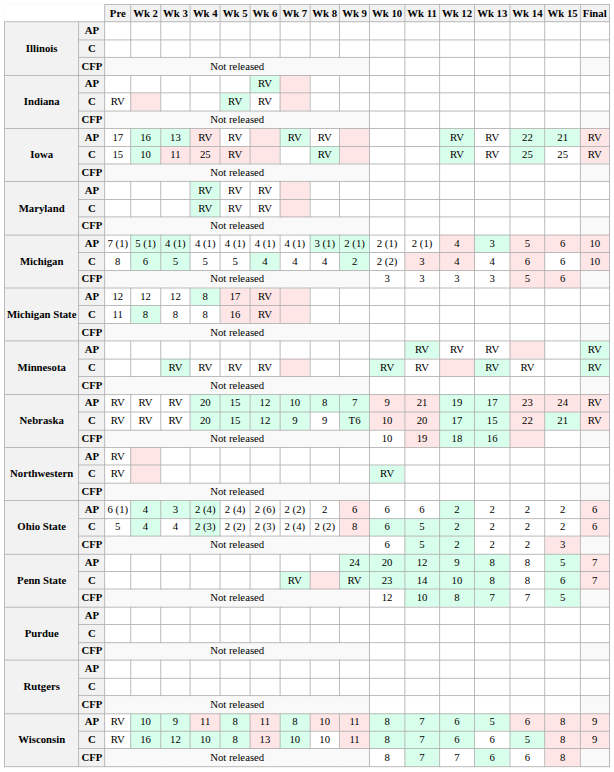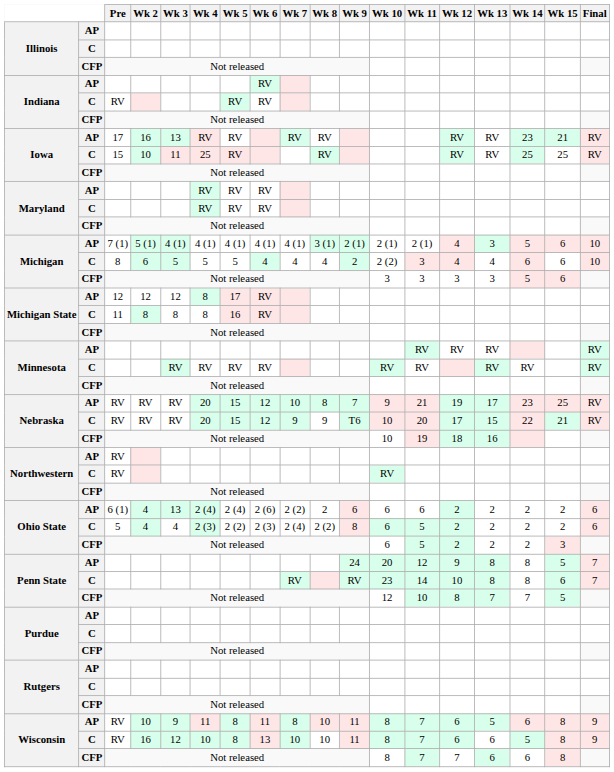 <table class="wikitable" style="white-space:nowrap;font-size:85%;">
 <tr>
 <th colspan=2 style="background:white; border-top-style:hidden; border-left-style:hidden;"> </th>
 <th>Pre</th>
 <th>Wk 2</th>
 <th>Wk 3</th>
 <th>Wk 4</th>
 <th>Wk 5</th>
 <th>Wk 6</th>
 <th>Wk 7</th>
 <th>Wk 8</th>
 <th>Wk 9</th>
 <th>Wk 10</th>
 <th>Wk 11</th>
 <th>Wk 12</th>
 <th>Wk 13</th>
 <th>Wk 14</th>
 <th>Wk 15</th>
 <th>Final</th>
 </tr>
 <tr style="text-align:center;">
 <th rowspan="3" style="background:#">Illinois</th>
 <th>AP</th>
 <td style="background:#FFF;"></td>
 <td style="background:#FFF;"></td>
 <td style="background:#FFF;"></td>
 <td style="background:#FFF;"></td>
 <td style="background:#FFF;"></td>
 <td style="background:#FFF;"></td>
 <td style="background:#FFF;"></td>
 <td style="background:#FFF;"></td>
 <td style="background:#FFF;"></td>
 <td style="background:#FFF;"></td>
 <td style="background:#FFF;"></td>
 <td style="background:#FFF;"></td>
 <td style="background:#FFF;"></td>
 <td style="background:#FFF;"></td>
 <td style="background:#FFF;"></td>
 <td style="background:#FFF;"></td>
 </tr>
 <tr style="text-align:center;">
 <th>C</th>
 <td style="background:#FFF;"></td>
 <td style="background:#FFF;"></td>
 <td style="background:#FFF;"></td>
 <td style="background:#FFF;"></td>
 <td style="background:#FFF;"></td>
 <td style="background:#FFF;"></td>
 <td style="background:#FFF;"></td>
 <td style="background:#FFF;"></td>
 <td style="background:#FFF;"></td>
 <td style="background:#FFF;"></td>
 <td style="background:#FFF;"></td>
 <td style="background:#FFF;"></td>
 <td style="background:#FFF;"></td>
 <td style="background:#FFF;"></td>
 <td style="background:#FFF;"></td>
 <td style="background:#FFF;"></td>
 </tr>
 <tr style="text-align:center;">
 <th>CFP</th>
 <td colspan="9" style="text-align:center;">Not released</td>
 <td style="background:#FFF;"></td>
 <td style="background:#FFF;"></td>
 <td style="background:#FFF;"></td>
 <td style="background:#FFF;"></td>
 <td style="background:#FFF;"></td>
 <td style="background:#FFF;"></td>
 <td style="text-align:center;"></td>
 </tr>
 <tr style="text-align:center;">
 <th rowspan="3" style=>Indiana</th>
 <th>AP</th>
 <td style="background:#FFF;"></td>
 <td style="background:#FFF;"></td>
 <td style="background:#FFF;"></td>
 <td style="background:#FFF;"></td>
 <td style="background:#FFF;"></td>
 <td style="background:#d8ffeb;">RV</td>
 <td style="background:#ffe6e6;"></td>
 <td style="background:#FFF;"></td>
 <td style="background:#FFF;"></td>
 <td style="background:#FFF;"></td>
 <td style="background:#FFF;"></td>
 <td style="background:#FFF;"></td>
 <td style="background:#FFF;"></td>
 <td style="background:#FFF;"></td>
 <td style="background:#FFF;"></td>
 <td style="background:#FFF;"></td>
 </tr>
 <tr style="text-align:center;">
 <th>C</th>
 <td style="background:#FFF;">RV</td>
 <td style="background:#ffe6e6;"></td>
 <td style="background:#FFF;"></td>
 <td style="background:#FFF;"></td>
 <td style="background:#d8ffeb;">RV</td>
 <td style="background:#FFF;">RV</td>
 <td style="background:#ffe6e6;"></td>
 <td style="background:#FFF;"></td>
 <td style="background:#FFF;"></td>
 <td style="background:#FFF;"></td>
 <td style="background:#FFF;"></td>
 <td style="background:#FFF;"></td>
 <td style="background:#FFF;"></td>
 <td style="background:#FFF;"></td>
 <td style="background:#FFF;"></td>
 <td style="background:#FFF;"></td>
 </tr>
 <tr style="text-align:center;">
 <th>CFP</th>
 <td colspan="9" style="text-align:center;">Not released</td>
 <td style="background:#FFF;"></td>
 <td style="background:#FFF;"></td>
 <td style="background:#FFF;"></td>
 <td style="background:#FFF;"></td>
 <td style="background:#FFF;"></td>
 <td style="background:#FFF;"></td>
 <td style="text-align:center;"></td>
 </tr>
 <tr style="text-align:center;">
 <th rowspan="3" style=>Iowa</th>
 <th>AP</th>
 <td style="background:#FFF;">17</td>
 <td style="background:#d8ffeb;">16</td>
 <td style="background:#d8ffeb;">13</td>
 <td style="background:#ffe6e6;">RV</td>
 <td style="background:#FFF;">RV</td>
 <td style="background:#ffe6e6;"></td>
 <td style="background:#d8ffeb;">RV</td>
 <td style="background:#FFF;">RV</td>
 <td style="background:#ffe6e6;"></td>
 <td style="background:#FFF;"></td>
 <td style="background:#FFF;"></td>
 <td style="background:#d8ffeb;">RV</td>
 <td style="background:#FFF;">RV</td>
-<td style="background:#d8ffeb;">22</td>
+<td style="background:#d8ffeb;">23</td>
 <td style="background:#d8ffeb;">21</td>
 <td style="background:#ffe6e6;">RV</td>
 </tr>
 <tr style="text-align:center;">
 <th>C</th>
 <td style="background:#FFF;">15</td>
 <td style="background:#d8ffeb;">10</td>
 <td style="background:#ffe6e6;">11</td>
 <td style="background:#ffe6e6;">25</td>
 <td style="background:#ffe6e6;">RV</td>
 <td style="background:#ffe6e6;"></td>
 <td style="background:#FFF;"></td>
 <td style="background:#d8ffeb;">RV</td>
 <td style="background:#ffe6e6;"></td>
 <td style="background:#FFF;"></td>
 <td style="background:#FFF;"></td>
 <td style="background:#d8ffeb;">RV</td>
 <td style="background:#FFF;">RV</td>
 <td style="background:#d8ffeb;">25</td>
 <td style="background:#FFF;">25</td>
 <td style="background:#ffe6e6;">RV</td>
 </tr>
 <tr style="text-align:center;">
 <th>CFP</th>
 <td colspan="9" style="text-align:center;">Not released</td>
 <td style="background:#FFF;"></td>
 <td style="background:#FFF;"></td>
 <td style="background:#FFF;"></td>
 <td style="background:#FFF;"></td>
 <td style="background:#FFF;"></td>
 <td style="background:#FFF;"></td>
 <td style="text-align:center;"></td>
 </tr>
 <tr style="text-align:center;">
 <th rowspan="3" style=>Maryland</th>
 <th>AP</th>
 <td style="background:#FFF;"></td>
 <td style="background:#FFF;"></td>
 <td style="background:#FFF;"></td>
 <td style="background:#d8ffeb;">RV</td>
 <td style="background:#FFF;">RV</td>
 <td style="background:#FFF;">RV</td>
 <td style="background:#ffe6e6;"></td>
 <td style="background:#FFF;"></td>
 <td style="background:#FFF;"></td>
 <td style="background:#FFF;"></td>
 <td style="background:#FFF;"></td>
 <td style="background:#FFF;"></td>
 <td style="background:#FFF;"></td>
 <td style="background:#FFF;"></td>
 <td style="background:#FFF;"></td>
 <td style="background:#FFF;"></td>
 </tr>
 <tr style="text-align:center;">
 <th>C</th>
 <td style="background:#FFF;"></td>
 <td style="background:#FFF;"></td>
 <td style="background:#FFF;"></td>
 <td style="background:#d8ffeb;">RV</td>
 <td style="background:#FFF;">RV</td>
 <td style="background:#FFF;">RV</td>
 <td style="background:#ffe6e6;"></td>
 <td style="background:#FFF;"></td>
 <td style="background:#FFF;"></td>
 <td style="background:#FFF;"></td>
 <td style="background:#FFF;"></td>
 <td style="background:#FFF;"></td>
 <td style="background:#FFF;"></td>
 <td style="background:#FFF;"></td>
 <td style="background:#FFF;"></td>
 <td style="background:#FFF;"></td>
 </tr>
 <tr style="text-align:center;">
 <th>CFP</th>
 <td colspan="9" style="text-align:center;">Not released</td>
 <td style="background:#FFF;"></td>
 <td style="background:#FFF;"></td>
 <td style="background:#FFF;"></td>
 <td style="background:#FFF;"></td>
 <td style="background:#FFF;"></td>
 <td style="background:#FFF;"></td>
 <td style="text-align:center;"></td>
 </tr>
 <tr style="text-align:center;">
 <th rowspan=3 style=>Michigan</th>
 <th>AP</th>
 <td style="background:#FFF;">7 (1)</td>
 <td style="background:#d8ffeb;">5 (1)</td>
 <td style="background:#d8ffeb;">4 (1)</td>
 <td style="background:#FFF;">4 (1)</td>
 <td style="background:#FFF;">4 (1)</td>
 <td style="background:#FFF;">4 (1)</td>
 <td style="background:#FFF;">4 (1)</td>
 <td style="background:#d8ffeb;">3 (1)</td>
 <td style="background:#d8ffeb;">2 (1)</td>
 <td style="background:#FFF;">2 (1)</td>
 <td style="background:#FFF;">2 (1)</td>
 <td style="background:#ffe6e6;">4</td>
 <td style="background:#d8ffeb;">3</td>
 <td style="background:#ffe6e6;">5</td>
 <td style="background:#ffe6e6;">6</td>
 <td style="background:#ffe6e6;">10</td>
 </tr>
 <tr style="text-align:center;">
 <th>C</th>
 <td style="background:#FFF;">8</td>
 <td style="background:#d8ffeb;">6</td>
 <td style="background:#d8ffeb;">5</td>
 <td style="background:#FFF;">5</td>
 <td style="background:#FFF;">5</td>
 <td style="background:#d8ffeb;">4</td>
 <td style="background:#FFF;">4</td>
 <td style="background:#FFF;">4</td>
 <td style="background:#d8ffeb;">2</td>
 <td style="background:#FFF;">2 (2)</td>
 <td style="background:#ffe6e6;">3</td>
 <td style="background:#ffe6e6;">4</td>
 <td style="background:#FFF;">4</td>
 <td style="background:#ffe6e6;">6</td>
 <td style="background:#FFF;">6</td>
 <td style="background:#ffe6e6;">10</td>
 </tr>
 <tr style="text-align:center;">
 <th>CFP</th>
 <td colspan="9" style="text-align:center;">Not released</td>
 <td style="background:#FFF;">3</td>
 <td style="background:#FFF;">3</td>
 <td style="background:#FFF;">3</td>
 <td style="background:#FFF;">3</td>
 <td style="background:#ffe6e6;">5</td>
 <td style="background:#ffe6e6;">6</td>
 <td style="text-align:center;"></td>
 </tr>
 <tr style="text-align:center;">
 <th rowspan="3" style=>Michigan State</th>
 <th>AP</th>
 <td style="background:#FFF;">12</td>
 <td style="background:#FFF;">12</td>
 <td style="background:#FFF;">12</td>
 <td style="background:#d8ffeb;">8</td>
 <td style="background:#ffe6e6;">17</td>
 <td style="background:#ffe6e6;">RV</td>
 <td style="background:#ffe6e6;"></td>
 <td style="background:#FFF;"></td>
 <td style="background:#FFF;"></td>
 <td style="background:#FFF;"></td>
 <td style="background:#FFF;"></td>
 <td style="background:#FFF;"></td>
 <td style="background:#FFF;"></td>
 <td style="background:#FFF;"></td>
 <td style="background:#FFF;"></td>
 <td style="background:#FFF;"></td>
 </tr>
 <tr style="text-align:center;">
 <th>C</th>
 <td style="background:#FFF;">11</td>
 <td style="background:#d8ffeb;">8</td>
 <td style="background:#FFF;">8</td>
 <td style="background:#FFF;">8</td>
 <td style="background:#ffe6e6;">16</td>
 <td style="background:#ffe6e6;">RV</td>
 <td style="background:#ffe6e6;"></td>
 <td style="background:#FFF;"></td>
 <td style="background:#FFF;"></td>
 <td style="background:#FFF;"></td>
 <td style="background:#FFF;"></td>
 <td style="background:#FFF;"></td>
 <td style="background:#FFF;"></td>
 <td style="background:#FFF;"></td>
 <td style="background:#FFF;"></td>
 <td style="background:#FFF;"></td>
 </tr>
 <tr style="text-align:center;">
 <th>CFP</th>
 <td colspan="9" style="text-align:center;">Not released</td>
 <td style="background:#FFF;"></td>
 <td style="background:#FFF;"></td>
 <td style="background:#FFF;"></td>
 <td style="background:#FFF;"></td>
 <td style="background:#FFF;"></td>
 <td style="background:#FFF;"></td>
 <td style="text-align:center;"></td>
 </tr>
 <tr style="text-align:center;">
 <th rowspan="3" style=>Minnesota</th>
 <th>AP</th>
 <td style="background:#FFF;"></td>
 <td style="background:#FFF;"></td>
 <td style="background:#FFF;"></td>
 <td style="background:#FFF;"></td>
 <td style="background:#FFF;"></td>
 <td style="background:#FFF;"></td>
 <td style="background:#FFF;"></td>
 <td style="background:#FFF;"></td>
 <td style="background:#FFF;"></td>
 <td style="background:#FFF;"></td>
 <td style="background:#d8ffeb;">RV</td>
 <td style="background:#FFF;">RV</td>
 <td style="background:#FFF;">RV</td>
 <td style="background:#ffe6e6;"></td>
 <td style="background:#FFF;"></td>
 <td style="background:#d8ffeb;">RV</td>
 </tr>
 <tr style="text-align:center;">
 <th>C</th>
 <td style="background:#FFF;"></td>
 <td style="background:#FFF;"></td>
 <td style="background:#d8ffeb;">RV</td>
 <td style="background:#FFF;">RV</td>
 <td style="background:#FFF;">RV</td>
 <td style="background:#FFF;">RV</td>
 <td style="background:#ffe6e6;"></td>
 <td style="background:#FFF;"></td>
 <td style="background:#FFF;"></td>
 <td style="background:#d8ffeb;">RV</td>
 <td style="background:#FFF;">RV</td>
 <td style="background:#ffe6e6;"></td>
 <td style="background:#d8ffeb;">RV</td>
 <td style="background:#FFF;">RV</td>
 <td style="background:#FFF;"></td>
 <td style="background:#d8ffeb;">RV</td>
 </tr>
 <tr style="text-align:center;">
 <th>CFP</th>
 <td colspan="9" style="text-align:center;">Not released</td>
 <td style="background:#FFF;"></td>
 <td style="background:#FFF;"></td>
 <td style="background:#FFF;"></td>
 <td style="background:#FFF;"></td>
 <td style="background:#FFF;"></td>
 <td style="background:#FFF;"></td>
 <td style="text-align:center;"></td>
 </tr>
 <tr style="text-align:center;">
 <th rowspan=3 style=>Nebraska</th>
 <th>AP</th>
 <td style="background:#FFF;">RV</td>
 <td style="background:#FFF;">RV</td>
 <td style="background:#FFF;">RV</td>
 <td style="background:#d8ffeb;">20</td>
 <td style="background:#d8ffeb;">15</td>
 <td style="background:#d8ffeb;">12</td>
 <td style="background:#d8ffeb;">10</td>
 <td style="background:#d8ffeb;">8</td>
 <td style="background:#d8ffeb;">7</td>
 <td style="background:#ffe6e6;">9</td>
 <td style="background:#ffe6e6;">21</td>
 <td style="background:#d8ffeb;">19</td>
 <td style="background:#d8ffeb;">17</td>
 <td style="background:#ffe6e6;">23</td>
-<td style="background:#ffe6e6;">24</td>
+<td style="background:#ffe6e6;">25</td>
 <td style="background:#ffe6e6;">RV</td>
 </tr>
 <tr style="text-align:center;">
 <th>C</th>
 <td style="background:#FFF;">RV</td>
 <td style="background:#FFF;">RV</td>
 <td style="background:#FFF;">RV</td>
 <td style="background:#d8ffeb;">20</td>
 <td style="background:#d8ffeb;">15</td>
 <td style="background:#d8ffeb;">12</td>
 <td style="background:#d8ffeb;">9</td>
 <td style="background:#FFF;">9</td>
 <td style="background:#d8ffeb;">T6</td>
 <td style="background:#ffe6e6;">10</td>
 <td style="background:#ffe6e6;">20</td>
 <td style="background:#d8ffeb;">17</td>
 <td style="background:#d8ffeb;">15</td>
 <td style="background:#ffe6e6;">22</td>
 <td style="background:#d8ffeb;">21</td>
 <td style="background:#ffe6e6;">RV</td>
 </tr>
 <tr style="text-align:center;">
 <th>CFP</th>
 <td colspan="9" style="text-align:center;">Not released</td>
 <td style="background:#FFF;">10</td>
 <td style="background:#ffe6e6;">19</td>
 <td style="background:#d8ffeb;">18</td>
 <td style="background:#d8ffeb;">16</td>
 <td style="background:#ffe6e6;"></td>
 <td style="background:#FFF;"></td>
 <td style="text-align:center;"></td>
 </tr>
 <tr style="text-align:center;">
 <th rowspan="3" style=>Northwestern</th>
 <th>AP</th>
 <td style="background:#FFF;">RV</td>
 <td style="background:#ffe6e6;"></td>
 <td style="background:#FFF;"></td>
 <td style="background:#FFF;"></td>
 <td style="background:#FFF;"></td>
 <td style="background:#FFF;"></td>
 <td style="background:#FFF;"></td>
 <td style="background:#FFF;"></td>
 <td style="background:#FFF;"></td>
 <td style="background:#FFF;"></td>
 <td style="background:#FFF;"></td>
 <td style="background:#FFF;"></td>
 <td style="background:#FFF;"></td>
 <td style="background:#FFF;"></td>
 <td style="background:#FFF;"></td>
 <td style="background:#FFF;"></td>
 </tr>
 <tr style="text-align:center;">
 <th>C</th>
 <td style="background:#FFF;">RV</td>
 <td style="background:#ffe6e6;"></td>
 <td style="background:#FFF;"></td>
 <td style="background:#FFF;"></td>
 <td style="background:#FFF;"></td>
 <td style="background:#FFF;"></td>
 <td style="background:#FFF;"></td>
 <td style="background:#FFF;"></td>
 <td style="background:#FFF;"></td>
 <td style="background:#d8ffeb;">RV</td>
 <td style="background:#FFF;"></td>
 <td style="background:#FFF;"></td>
 <td style="background:#FFF;"></td>
 <td style="background:#FFF;"></td>
 <td style="background:#FFF;"></td>
 <td style="background:#FFF;"></td>
 </tr>
 <tr style="text-align:center;">
 <th>CFP</th>
 <td colspan="9" style="text-align:center;">Not released</td>
 <td style="background:#FFF;"></td>
 <td style="background:#FFF;"></td>
 <td style="background:#FFF;"></td>
 <td style="background:#FFF;"></td>
 <td style="background:#FFF;"></td>
 <td style="background:#FFF;"></td>
 <td style="text-align:center;"></td>
 </tr>
 <tr style="text-align:center;">
 <th rowspan="3" style=>Ohio State</th>
 <th>AP</th>
 <td style="background:#FFF;">6 (1)</td>
 <td style="background:#d8ffeb;">4</td>
-<td style="background:#d8ffeb;">3</td>
+<td style="background:#d8ffeb;">13</td>
 <td style="background:#d8ffeb;">2 (4)</td>
 <td style="background:#FFF;">2 (4)</td>
 <td style="background:#FFF;">2 (6)</td>
 <td style="background:#FFF;">2 (2)</td>
 <td style="background:#FFF;">2</td>
 <td style="background:#ffe6e6;">6</td>
 <td style="background:#FFF;">6</td>
 <td style="background:#FFF;">6</td>
 <td style="background:#d8ffeb;">2</td>
 <td style="background:#FFF;">2</td>
 <td style="background:#FFF;">2</td>
 <td style="background:#FFF;">2</td>
 <td style="background:#ffe6e6;">6</td>
 </tr>
 <tr style="text-align:center;">
 <th>C</th>
 <td style="background:#FFF;">5</td>
 <td style="background:#d8ffeb;">4</td>
 <td style="background:#FFF;">4</td>
 <td style="background:#d8ffeb;">2 (3)</td>
 <td style="background:#FFF;">2 (2)</td>
 <td style="background:#FFF;">2 (3)</td>
 <td style="background:#FFF;">2 (4)</td>
 <td style="background:#FFF;">2 (2)</td>
 <td style="background:#ffe6e6;">8</td>
 <td style="background:#d8ffeb;">6</td>
 <td style="background:#d8ffeb;">5</td>
 <td style="background:#d8ffeb;">2</td>
 <td style="background:#FFF;">2</td>
 <td style="background:#FFF;">2</td>
 <td style="background:#FFF;">2</td>
 <td style="background:#ffe6e6;">6</td>
 </tr>
 <tr style="text-align:center;">
 <th>CFP</th>
 <td colspan="9" style="text-align:center;">Not released</td>
 <td style="background:#FFF;">6</td>
 <td style="background:#d8ffeb;">5</td>
 <td style="background:#d8ffeb;">2</td>
 <td style="background:#FFF;">2</td>
 <td style="background:#FFF;">2</td>
 <td style="background:#ffe6e6;">3</td>
 <td style="text-align:center;"></td>
 </tr>
 <tr style="text-align:center;">
 <th rowspan="3" style=>Penn State</th>
 <th>AP</th>
 <td style="background:#FFF;"></td>
 <td style="background:#FFF;"></td>
 <td style="background:#FFF;"></td>
 <td style="background:#FFF;"></td>
 <td style="background:#FFF;"></td>
 <td style="background:#FFF;"></td>
 <td style="background:#FFF;"></td>
 <td style="background:#FFF;"></td>
 <td style="background:#d8ffeb;">24</td>
 <td style="background:#d8ffeb;">20</td>
 <td style="background:#d8ffeb;">12</td>
 <td style="background:#d8ffeb;">9</td>
 <td style="background:#d8ffeb;">8</td>
 <td style="background:#FFF;">8</td>
 <td style="background:#d8ffeb;">5</td>
 <td style="background:#ffe6e6;">7</td>
 </tr>
 <tr style="text-align:center;">
 <th>C</th>
 <td style="background:#FFF;"></td>
 <td style="background:#FFF;"></td>
 <td style="background:#FFF;"></td>
 <td style="background:#FFF;"></td>
 <td style="background:#FFF;"></td>
 <td style="background:#FFF;"></td>
 <td style="background:#d8ffeb;">RV</td>
 <td style="background:#ffe6e6;"></td>
 <td style="background:#d8ffeb;">RV</td>
 <td style="background:#d8ffeb;">23</td>
 <td style="background:#d8ffeb;">14</td>
 <td style="background:#d8ffeb;">10</td>
 <td style="background:#d8ffeb;">8</td>
 <td style="background:#FFF;">8</td>
 <td style="background:#d8ffeb;">6</td>
 <td style="background:#ffe6e6;">7</td>
 </tr>
 <tr style="text-align:center;">
 <th>CFP</th>
 <td colspan="9" style="text-align:center;">Not released</td>
 <td style="background:#FFF;">12</td>
 <td style="background:#d8ffeb;">10</td>
 <td style="background:#d8ffeb;">8</td>
 <td style="background:#d8ffeb;">7</td>
 <td style="background:#FFF;">7</td>
 <td style="background:#d8ffeb;">5</td>
 <td style="text-align:center;"></td>
 </tr>
 <tr style="text-align:center;">
 <th rowspan="3" style=>Purdue</th>
 <th>AP</th>
 <td style="background:#FFF;"></td>
 <td style="background:#FFF;"></td>
 <td style="background:#FFF;"></td>
 <td style="background:#FFF;"></td>
 <td style="background:#FFF;"></td>
 <td style="background:#FFF;"></td>
 <td style="background:#FFF;"></td>
 <td style="background:#FFF;"></td>
 <td style="background:#FFF;"></td>
 <td style="background:#FFF;"></td>
 <td style="background:#FFF;"></td>
 <td style="background:#FFF;"></td>
 <td style="background:#FFF;"></td>
 <td style="background:#FFF;"></td>
 <td style="background:#FFF;"></td>
 <td style="background:#FFF;"></td>
 </tr>
 <tr style="text-align:center;">
 <th>C</th>
 <td style="background:#FFF;"></td>
 <td style="background:#FFF;"></td>
 <td style="background:#FFF;"></td>
 <td style="background:#FFF;"></td>
 <td style="background:#FFF;"></td>
 <td style="background:#FFF;"></td>
 <td style="background:#FFF;"></td>
 <td style="background:#FFF;"></td>
 <td style="background:#FFF;"></td>
 <td style="background:#FFF;"></td>
 <td style="background:#FFF;"></td>
 <td style="background:#FFF;"></td>
 <td style="background:#FFF;"></td>
 <td style="background:#FFF;"></td>
 <td style="background:#FFF;"></td>
 <td style="background:#FFF;"></td>
 </tr>
 <tr style="text-align:center;">
 <th>CFP</th>
 <td colspan="9" style="text-align:center;">Not released</td>
 <td style="background:#FFF;"></td>
 <td style="background:#FFF;"></td>
 <td style="background:#FFF;"></td>
 <td style="background:#FFF;"></td>
 <td style="background:#FFF;"></td>
 <td style="background:#FFF;"></td>
 <td style="text-align:center;"></td>
 </tr>
 <tr style="text-align:center;">
 <th rowspan="3" style=><strong>Rutgers</strong></th>
 <th>AP</th>
 <td style="background:#FFF;"></td>
 <td style="background:#FFF;"></td>
 <td style="background:#FFF;"></td>
 <td style="background:#FFF;"></td>
 <td style="background:#FFF;"></td>
 <td style="background:#FFF;"></td>
 <td style="background:#FFF;"></td>
 <td style="background:#FFF;"></td>
 <td style="background:#FFF;"></td>
 <td style="background:#FFF;"></td>
 <td style="background:#FFF;"></td>
 <td style="background:#FFF;"></td>
 <td style="background:#FFF;"></td>
 <td style="background:#FFF;"></td>
 <td style="background:#FFF;"></td>
 <td style="background:#FFF;"></td>
 </tr>
 <tr style="text-align:center;">
 <th>C</th>
 <td style="background:#FFF;"></td>
 <td style="background:#FFF;"></td>
 <td style="background:#FFF;"></td>
 <td style="background:#FFF;"></td>
 <td style="background:#FFF;"></td>
 <td style="background:#FFF;"></td>
 <td style="background:#FFF;"></td>
 <td style="background:#FFF;"></td>
 <td style="background:#FFF;"></td>
 <td style="background:#FFF;"></td>
 <td style="background:#FFF;"></td>
 <td style="background:#FFF;"></td>
 <td style="background:#FFF;"></td>
 <td style="background:#FFF;"></td>
 <td style="background:#FFF;"></td>
 <td style="background:#FFF;"></td>
 </tr>
 <tr style="text-align:center;">
 <th>CFP</th>
 <td colspan="9" style="text-align:center;">Not released</td>
 <td style="background:#FFF;"></td>
 <td style="background:#FFF;"></td>
 <td style="background:#FFF;"></td>
 <td style="background:#FFF;"></td>
 <td style="background:#FFF;"></td>
 <td style="background:#FFF;"></td>
 <td style="text-align:center;"></td>
 </tr>
 <tr style="text-align:center;">
 <th rowspan="3" style=>Wisconsin</th>
 <th>AP</th>
 <td style="background:#FFF;">RV</td>
 <td style="background:#d8ffeb;">10</td>
 <td style="background:#d8ffeb;">9</td>
 <td style="background:#ffe6e6;">11</td>
 <td style="background:#d8ffeb;">8</td>
 <td style="background:#ffe6e6;">11</td>
 <td style="background:#d8ffeb;">8</td>
 <td style="background:#ffe6e6;">10</td>
 <td style="background:#ffe6e6;">11</td>
 <td style="background:#d8ffeb;">8</td>
 <td style="background:#d8ffeb;">7</td>
 <td style="background:#d8ffeb;">6</td>
 <td style="background:#d8ffeb;">5</td>
 <td style="background:#ffe6e6;">6</td>
 <td style="background:#ffe6e6;">8</td>
 <td style="background:#ffe6e6;">9</td>
 </tr>
 <tr style="text-align:center;">
 <th>C</th>
 <td style="background:#FFF;">RV</td>
 <td style="background:#d8ffeb;">16</td>
 <td style="background:#d8ffeb;">12</td>
 <td style="background:#d8ffeb;">10</td>
 <td style="background:#d8ffeb;">8</td>
 <td style="background:#ffe6e6;">13</td>
 <td style="background:#d8ffeb;">10</td>
 <td style="background:#FFF;">10</td>
 <td style="background:#ffe6e6;">11</td>
 <td style="background:#d8ffeb;">8</td>
 <td style="background:#d8ffeb;">7</td>
 <td style="background:#d8ffeb;">6</td>
 <td style="background:#FFF;">6</td>
 <td style="background:#d8ffeb;">5</td>
 <td style="background:#ffe6e6;">8</td>
 <td style="background:#ffe6e6;">9</td>
 </tr>
 <tr style="text-align:center;">
 <th>CFP</th>
 <td colspan="9" style="text-align:center;">Not released</td>
 <td style="background:#FFF;">8</td>
 <td style="background:#d8ffeb;">7</td>
 <td style="background:#FFF;">7</td>
 <td style="background:#d8ffeb;">6</td>
 <td style="background:#FFF;">6</td>
 <td style="background:#ffe6e6;">8</td>
 <td style="text-align:center;"></td>
 </tr>
 </table>
